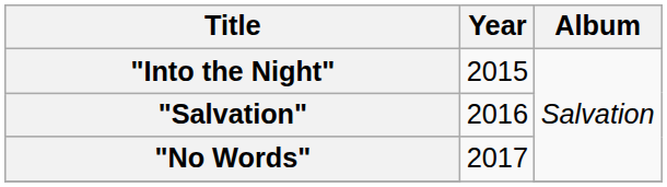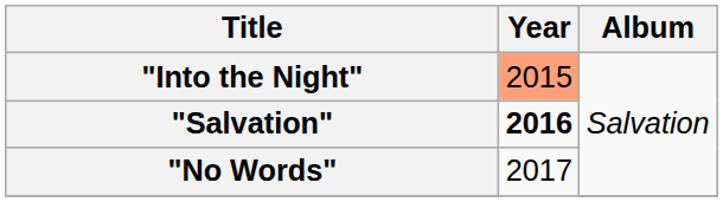 <table class="wikitable plainrowheaders" style="text-align:center;">
 <tr>
 <th scope="col" style="width:16em;">Title</th>
 <th scope="col">Year</th>
 <th scope="col">Album</th>
 </tr>
 <tr>
 <th scope="row">"Into the Night"</th>
-<td>2015</td>
+<td style="background: lightsalmon;">2015</td>
 <td rowspan="3"><em>Salvation</em></td>
 </tr>
 <tr>
 <th scope="row">"Salvation"</th>
-<td>2016</td>
+<td><strong>2016</strong></td>
 </tr>
 <tr>
 <th scope="row">"No Words"</th>
 <td rowspan="2">2017</td>
 </tr>
 <tr>
 </tr>
 </table>
